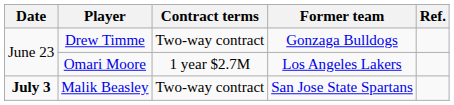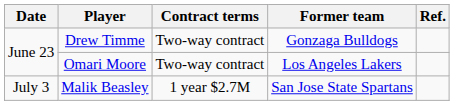 <table class="wikitable sortable sortable" style="text-align: center">
 <tr>
 <th>Date</th>
 <th>Player</th>
 <th>Contract terms</th>
 <th>Former team</th>
 <th>Ref.</th>
 </tr>
 <tr>
 <td rowspan=2>June 23</td>
 <td><a href='#'>Drew Timme</a></td>
 <td>Two-way contract</td>
 <td><a href='#'>Gonzaga Bulldogs</a></td>
 <td></td>
 </tr>
 <tr>
 <td><a href='#'>Omari Moore</a></td>
-<td>1 year $2.7M</td>
+<td>Two-way contract</td>
 <td><a href='#'>Los Angeles Lakers</a></td>
 <td></td>
 </tr>
 <tr>
-<td><strong>July 3</strong></td>
+<td>July 3</td>
 <td><a href='#'>Malik Beasley</a></td>
-<td>Two-way contract</td>
+<td>1 year $2.7M</td>
 <td><a href='#'>San Jose State Spartans</a></td>
 <td></td>
 </tr>
 </table>
